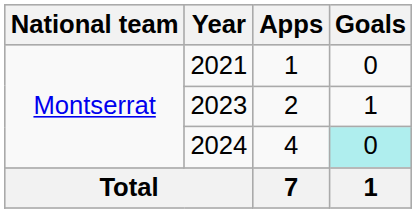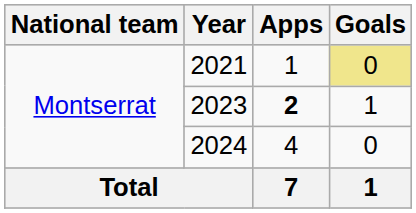 <table class="wikitable" style="text-align:center">
 <tr>
 <th>National team</th>
 <th>Year</th>
 <th>Apps</th>
 <th>Goals</th>
 </tr>
 <tr>
 <td rowspan="3"><a href='#'>Montserrat</a></td>
 <td>2021</td>
 <td>1</td>
-<td>0</td>
+<td style="background: khaki;">0</td>
 </tr>
 <tr>
 <td>2023</td>
-<td>2</td>
+<td><strong>2</strong></td>
 <td>1</td>
 </tr>
 <tr>
 <td>2024</td>
 <td>4</td>
-<td style="background: paleturquoise;">0</td>
+<td>0</td>
 </tr>
 <tr>
 <th colspan="2">Total</th>
 <th>7</th>
 <th>1</th>
 </tr>
 </table>
